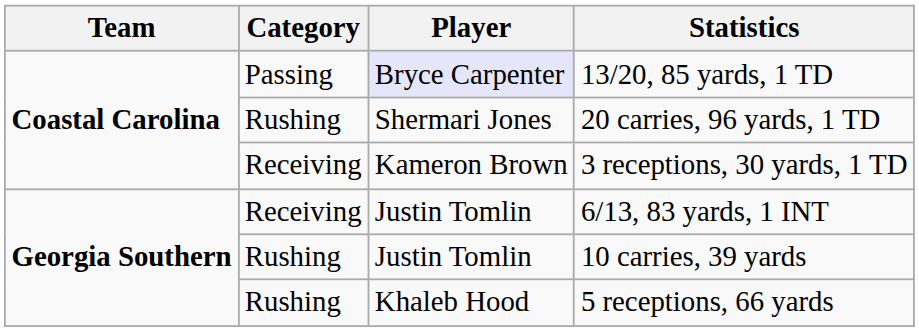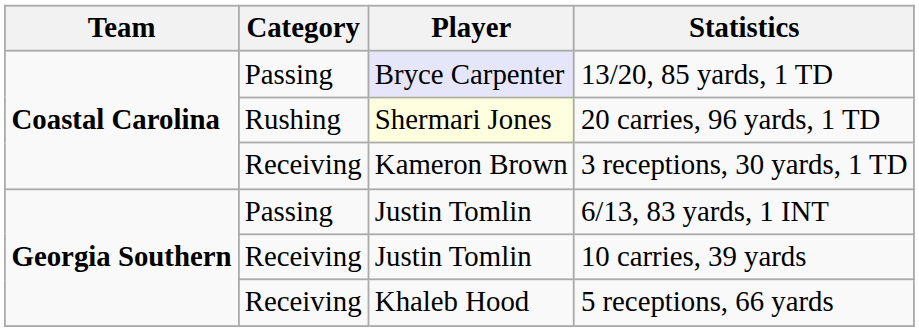 <table class="wikitable" style="float: left;">
 <tr>
 <th>Team</th>
 <th>Category</th>
 <th>Player</th>
 <th>Statistics</th>
 </tr>
 <tr>
 <td rowspan=3><strong>Coastal Carolina</strong></td>
 <td>Passing</td>
 <td style="background: lavender;">Bryce Carpenter</td>
 <td>13/20, 85 yards, 1 TD</td>
 </tr>
 <tr>
 <td>Rushing</td>
-<td>Shermari Jones</td>
+<td style="background: lightyellow;">Shermari Jones</td>
 <td>20 carries, 96 yards, 1 TD</td>
 </tr>
 <tr>
 <td>Receiving</td>
 <td>Kameron Brown</td>
 <td>3 receptions, 30 yards, 1 TD</td>
 </tr>
 <tr>
 <td rowspan=3><strong>Georgia Southern</strong></td>
-<td>Receiving</td>
+<td>Passing</td>
 <td>Justin Tomlin</td>
 <td>6/13, 83 yards, 1 INT</td>
 </tr>
 <tr>
-<td>Rushing</td>
+<td>Receiving</td>
 <td>Justin Tomlin</td>
 <td>10 carries, 39 yards</td>
 </tr>
 <tr>
-<td>Rushing</td>
+<td>Receiving</td>
 <td>Khaleb Hood</td>
 <td>5 receptions, 66 yards</td>
 </tr>
 </table>
